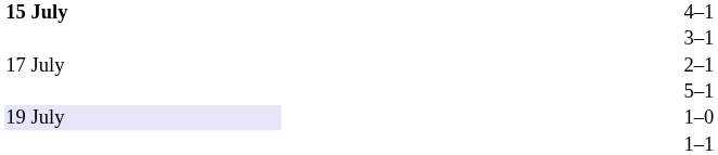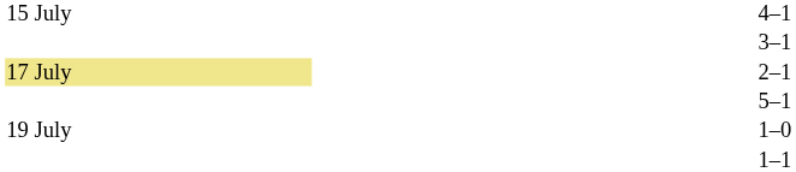 <table cellspacing=1 width=70%>
 <tr>
 <th width=25%></th>
 <th width=30%></th>
 <th width=15%></th>
 <th width=30%></th>
 </tr>
 <tr>
-<td><strong>15 July</strong></td>
+<td>15 July</td>
 <td align=right></td>
 <td align=center>4–1</td>
 <td></td>
 </tr>
 <tr>
 <td></td>
 <td align=right></td>
 <td align=center>3–1</td>
 <td></td>
 </tr>
 <tr>
-<td>17 July</td>
+<td style="background: khaki;">17 July</td>
 <td align=right></td>
 <td align=center>2–1</td>
 <td></td>
 </tr>
 <tr>
 <td></td>
 <td align=right></td>
 <td align=center>5–1</td>
 <td></td>
 </tr>
 <tr>
-<td style="background: lavender;">19 July</td>
+<td>19 July</td>
 <td align=right></td>
 <td align=center>1–0</td>
 <td></td>
 </tr>
 <tr>
 <td></td>
 <td align=right></td>
 <td align=center>1–1</td>
 <td></td>
 </tr>
 </table>
